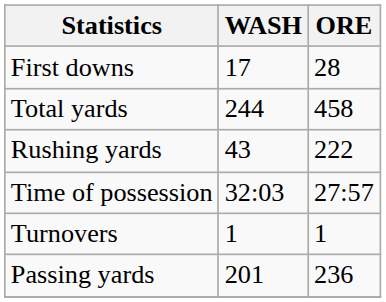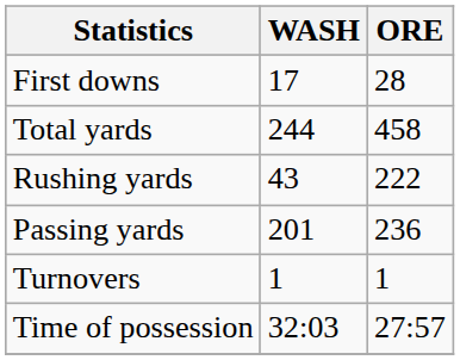 <table class="wikitable" style="float: left;">
 <tr>
 <th>Statistics</th>
 <th>WASH</th>
 <th>ORE</th>
 </tr>
 <tr>
 <td>First downs</td>
 <td>17</td>
 <td>28</td>
 </tr>
 <tr>
 <td>Total yards</td>
 <td>244</td>
 <td>458</td>
 </tr>
 <tr>
 <td>Rushing yards</td>
 <td>43</td>
 <td>222</td>
 </tr>
 <tr>
-<td>Time of possession</td>
-<td>32:03</td>
-<td>27:57</td>
+<td>Passing yards</td>
+<td>201</td>
+<td>236</td>
 </tr>
 <tr>
 <td>Turnovers</td>
 <td>1</td>
 <td>1</td>
 </tr>
 <tr>
-<td>Passing yards</td>
-<td>201</td>
-<td>236</td>
+<td>Time of possession</td>
+<td>32:03</td>
+<td>27:57</td>
 </tr>
 <tr>
 </tr>
 </table>
